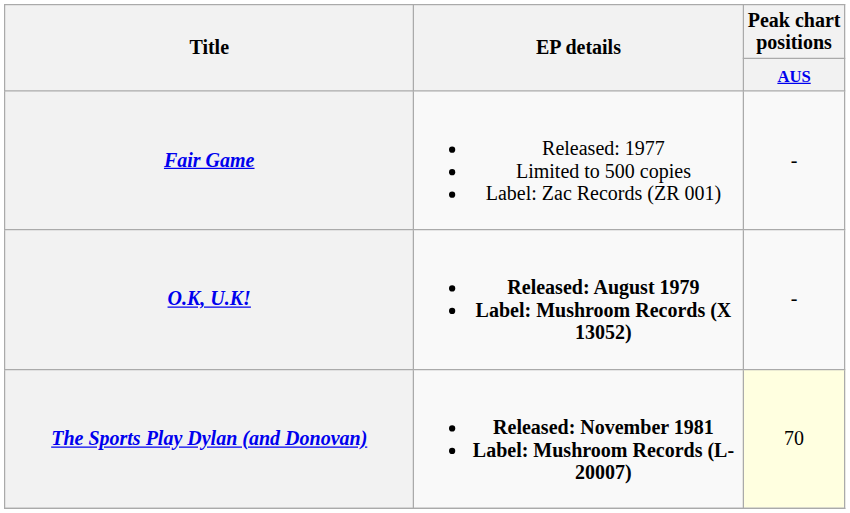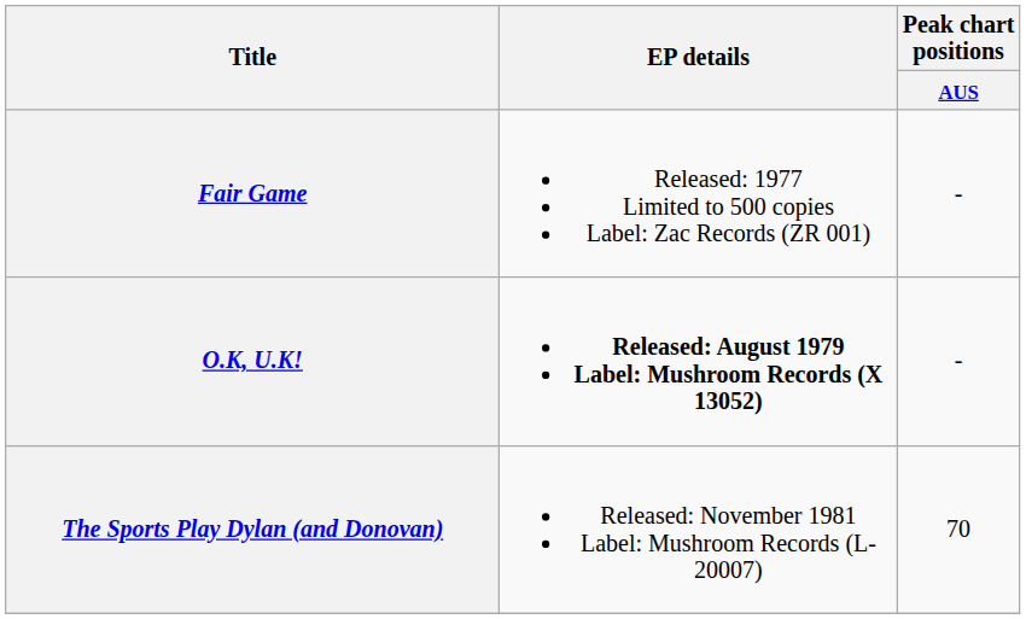 <table class="wikitable plainrowheaders" style="text-align:center;" border="1">
 <tr>
 <th scope="col" rowspan="2" style="width:20em;">Title</th>
 <th scope="col" rowspan="2" style="width:16em;">EP details</th>
 <th scope="col" colspan="1">Peak chart<br>positions</th>
 </tr>
 <tr>
 <th scope="col" style="text-align:center;"><small><a href='#'>AUS</a></small><br></th>
 </tr>
 <tr>
 <th scope="row"><em><a href='#'>Fair Game</a></em></th>
 <td><br><ul><li>Released: 1977</li><li>Limited to 500 copies</li><li>Label: Zac Records (ZR 001)</li></ul></td>
 <td align="center">-</td>
 </tr>
 <tr>
 <th scope="row"><em><a href='#'>O.K, U.K!</a></em></th>
 <td><strong><br><ul><li>Released: August 1979</li><li>Label: Mushroom Records (X 13052)</li></ul></strong></td>
 <td align="center">-</td>
 </tr>
 <tr>
 <th scope="row"><em><a href='#'>The Sports Play Dylan (and Donovan)</a></em></th>
-<td><strong><br><ul><li>Released: November 1981</li><li>Label: Mushroom Records (L-20007)</li></ul></strong></td>
-<td align="center" style="background: lightyellow;">70</td>
+<td><br><ul><li>Released: November 1981</li><li>Label: Mushroom Records (L-20007)</li></ul></td>
+<td align="center">70</td>
 </tr>
 <tr>
 </tr>
 </table>
